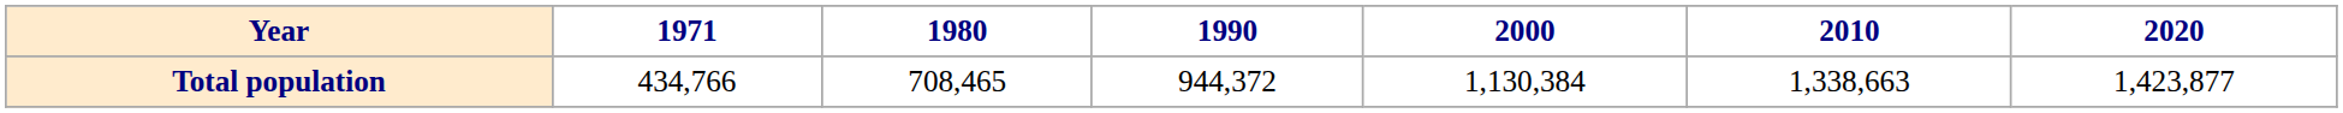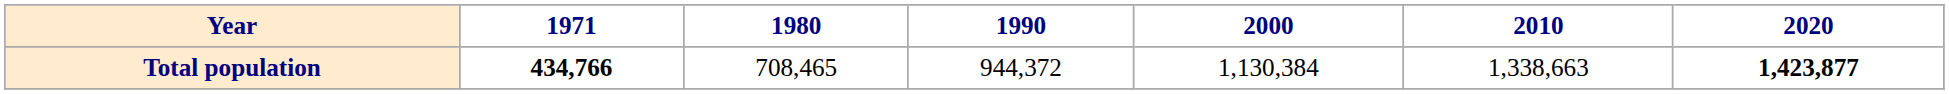 <table class="wikitable" style="font-size:90%;width:70%;border:0px;text-align:center;line-height:120%;">
 <tr>
 <th style="background: #FFEBCD; color: #000080" height="17">Year</th>
 <th style="background: #FFFFFF; color:#000080;">1971</th>
 <th style="background: #FFFFFF; color:#000080;">1980</th>
 <th style="background: #FFFFFF; color:#000080;">1990</th>
 <th style="background: #FFFFFF; color:#000080;">2000</th>
 <th style="background: #FFFFFF; color:#000080;">2010</th>
 <th style="background: #FFFFFF; color:#000080;">2020</th>
 </tr>
 <tr Align="center">
 <th style="background: #FFEBCD; color: #000080" height="17">Total population</th>
-<td style="background: #FFFFFF; color: black;"> 434,766</td>
+<td style="background: #FFFFFF; color: black;"><strong> 434,766</strong></td>
 <td style="background: #FFFFFF; color: black;"> 708,465</td>
 <td style="background: #FFFFFF; color: black;"> 944,372</td>
 <td style="background: #FFFFFF; color: black;"> 1,130,384</td>
 <td style="background: #FFFFFF; color: black;"> 1,338,663</td>
-<td style="background: #FFFFFF; color: black;"> 1,423,877</td>
+<td style="background: #FFFFFF; color: black;"><strong> 1,423,877</strong></td>
 </tr>
 <tr>
 </tr>
 </table>
